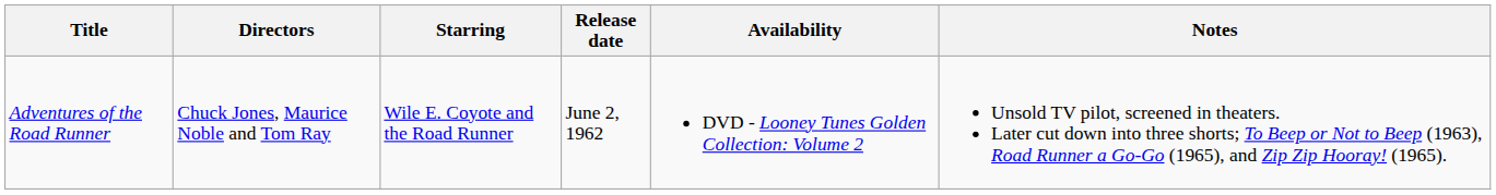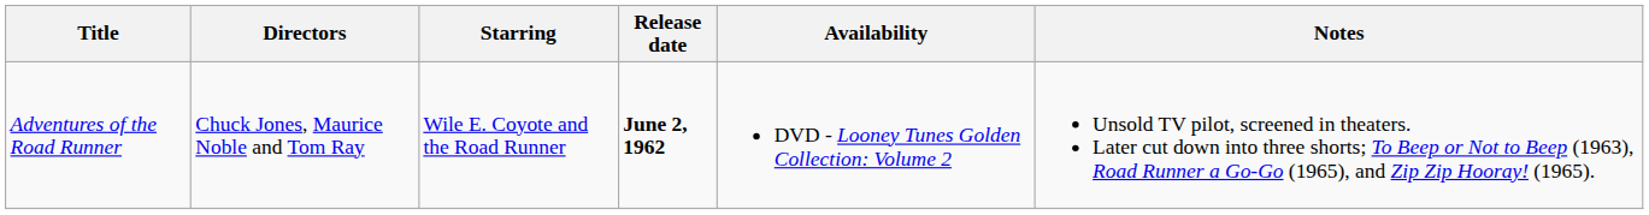 <table class="wikitable sortable">
 <tr>
 <th>Title</th>
 <th>Directors</th>
 <th>Starring</th>
 <th>Release date</th>
 <th>Availability</th>
 <th>Notes</th>
 </tr>
 <tr>
 <td><em><a href='#'>Adventures of the Road Runner</a></em></td>
 <td><a href='#'>Chuck Jones</a>, <a href='#'>Maurice Noble</a> and <a href='#'>Tom Ray</a></td>
 <td><a href='#'>Wile E. Coyote and the Road Runner</a></td>
-<td>June 2, 1962</td>
+<td><strong>June 2, 1962</strong></td>
 <td><br><ul><li>DVD - <em><a href='#'>Looney Tunes Golden Collection: Volume 2</a></em></li></ul></td>
 <td><br><ul><li>Unsold TV pilot, screened in theaters.</li><li>Later cut down into three shorts; <em><a href='#'>To Beep or Not to Beep</a></em> (1963), <em><a href='#'>Road Runner a Go-Go</a></em> (1965), and <em><a href='#'>Zip Zip Hooray!</a></em> (1965).</li></ul></td>
 </tr>
 <tr>
 </tr>
 </table>
